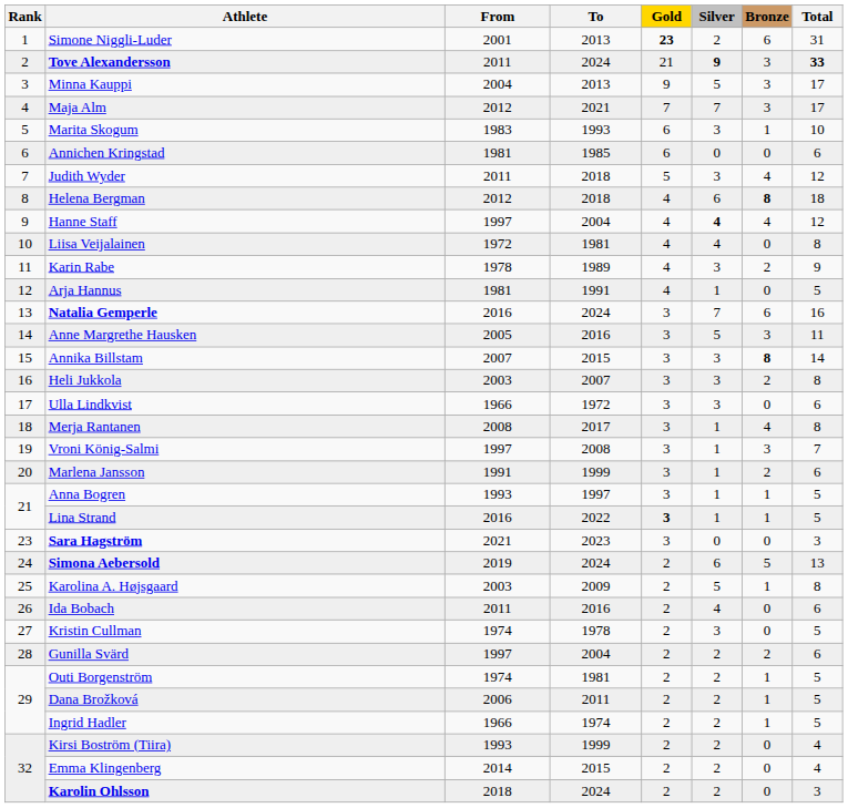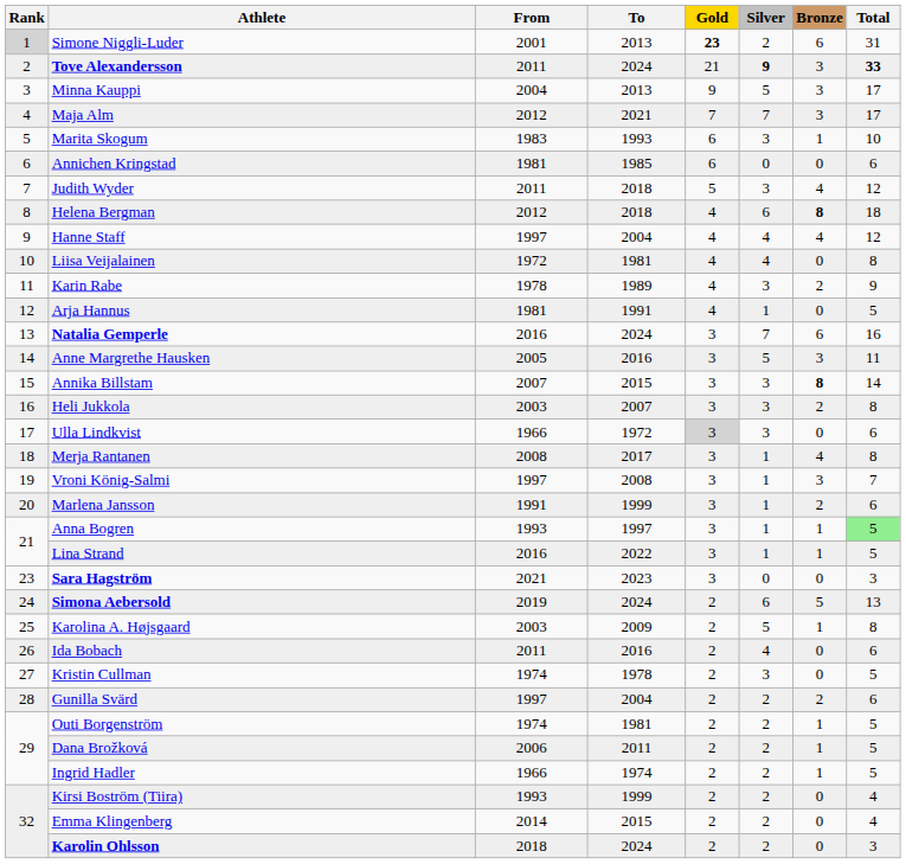 <table class="wikitable" style="text-align:center">
 <tr>
 <th style="width:1em">Rank</th>
 <th>Athlete</th>
 <th>From</th>
 <th>To</th>
 <th style="width:6%; background: gold">Gold</th>
 <th style="width:6%; background: silver">Silver</th>
 <th style="width:6%; background: #c96">Bronze</th>
 <th style="width:6%">Total</th>
 </tr>
 <tr>
-<td>1</td>
+<td style="background: lightgrey;">1</td>
 <td align=left> <a href='#'>Simone Niggli-Luder</a></td>
 <td>2001</td>
 <td>2013</td>
 <td><strong>23</strong></td>
 <td>2</td>
 <td>6</td>
 <td>31</td>
 </tr>
 <tr bgcolor=efefef>
 <td>2</td>
 <td align=left> <strong><a href='#'>Tove Alexandersson</a></strong></td>
 <td>2011</td>
 <td>2024</td>
 <td>21</td>
 <td><strong>9</strong></td>
 <td>3</td>
 <td><strong>33</strong></td>
 </tr>
 <tr>
 <td>3</td>
 <td align=left> <a href='#'>Minna Kauppi</a></td>
 <td>2004</td>
 <td>2013</td>
 <td>9</td>
 <td>5</td>
 <td>3</td>
 <td>17</td>
 </tr>
 <tr bgcolor=efefef>
 <td>4</td>
 <td align=left> <a href='#'>Maja Alm</a></td>
 <td>2012</td>
 <td>2021</td>
 <td>7</td>
 <td>7</td>
 <td>3</td>
 <td>17</td>
 </tr>
 <tr>
 <td>5</td>
 <td align=left> <a href='#'>Marita Skogum</a></td>
 <td>1983</td>
 <td>1993</td>
 <td>6</td>
 <td>3</td>
 <td>1</td>
 <td>10</td>
 </tr>
 <tr bgcolor=efefef>
 <td>6</td>
 <td align=left> <a href='#'>Annichen Kringstad</a></td>
 <td>1981</td>
 <td>1985</td>
 <td>6</td>
 <td>0</td>
 <td>0</td>
 <td>6</td>
 </tr>
 <tr>
 <td>7</td>
 <td align=left> <a href='#'>Judith Wyder</a></td>
 <td>2011</td>
 <td>2018</td>
 <td>5</td>
 <td>3</td>
 <td>4</td>
 <td>12</td>
 </tr>
 <tr bgcolor=efefef>
 <td>8</td>
 <td align=left> <a href='#'>Helena Bergman</a></td>
 <td>2012</td>
 <td>2018</td>
 <td>4</td>
 <td>6</td>
 <td><strong>8</strong></td>
 <td>18</td>
 </tr>
 <tr>
 <td>9</td>
 <td align=left> <a href='#'>Hanne Staff</a></td>
 <td>1997</td>
 <td>2004</td>
 <td>4</td>
-<td><strong>4</strong></td>
+<td>4</td>
 <td>4</td>
 <td>12</td>
 </tr>
 <tr bgcolor=efefef>
 <td>10</td>
 <td align=left> <a href='#'>Liisa Veijalainen</a></td>
 <td>1972</td>
 <td>1981</td>
 <td>4</td>
 <td>4</td>
 <td>0</td>
 <td>8</td>
 </tr>
 <tr>
 <td>11</td>
 <td align=left> <a href='#'>Karin Rabe</a></td>
 <td>1978</td>
 <td>1989</td>
 <td>4</td>
 <td>3</td>
 <td>2</td>
 <td>9</td>
 </tr>
 <tr bgcolor=efefef>
 <td>12</td>
 <td align=left> <a href='#'>Arja Hannus</a></td>
 <td>1981</td>
 <td>1991</td>
 <td>4</td>
 <td>1</td>
 <td>0</td>
 <td>5</td>
 </tr>
 <tr>
 <td>13</td>
 <td align=left> <strong><a href='#'>Natalia Gemperle</a></strong></td>
 <td>2016</td>
 <td>2024</td>
 <td>3</td>
 <td>7</td>
 <td>6</td>
 <td>16</td>
 </tr>
 <tr bgcolor=efefef>
 <td>14</td>
 <td align=left> <a href='#'>Anne Margrethe Hausken</a></td>
 <td>2005</td>
 <td>2016</td>
 <td>3</td>
 <td>5</td>
 <td>3</td>
 <td>11</td>
 </tr>
 <tr>
 <td>15</td>
 <td align=left> <a href='#'>Annika Billstam</a></td>
 <td>2007</td>
 <td>2015</td>
 <td>3</td>
 <td>3</td>
 <td><strong>8</strong></td>
 <td>14</td>
 </tr>
 <tr bgcolor=efefef>
 <td>16</td>
 <td align=left> <a href='#'>Heli Jukkola</a></td>
 <td>2003</td>
 <td>2007</td>
 <td>3</td>
 <td>3</td>
 <td>2</td>
 <td>8</td>
 </tr>
 <tr>
 <td>17</td>
 <td align=left> <a href='#'>Ulla Lindkvist</a></td>
 <td>1966</td>
 <td>1972</td>
-<td>3</td>
+<td style="background: lightgrey;">3</td>
 <td>3</td>
 <td>0</td>
 <td>6</td>
 </tr>
 <tr bgcolor=efefef>
 <td>18</td>
 <td align=left> <a href='#'>Merja Rantanen</a></td>
 <td>2008</td>
 <td>2017</td>
 <td>3</td>
 <td>1</td>
 <td>4</td>
 <td>8</td>
 </tr>
 <tr>
 <td>19</td>
 <td align=left> <a href='#'>Vroni König-Salmi</a></td>
 <td>1997</td>
 <td>2008</td>
 <td>3</td>
 <td>1</td>
 <td>3</td>
 <td>7</td>
 </tr>
 <tr bgcolor=efefef>
 <td>20</td>
 <td align=left> <a href='#'>Marlena Jansson</a></td>
 <td>1991</td>
 <td>1999</td>
 <td>3</td>
 <td>1</td>
 <td>2</td>
 <td>6</td>
 </tr>
 <tr>
 <td rowspan=2>21</td>
 <td align=left> <a href='#'>Anna Bogren</a></td>
 <td>1993</td>
 <td>1997</td>
 <td>3</td>
 <td>1</td>
 <td>1</td>
-<td>5</td>
+<td style="background: lightgreen;">5</td>
 </tr>
 <tr bgcolor=efefef>
 <td align=left> <a href='#'>Lina Strand</a></td>
 <td>2016</td>
 <td>2022</td>
-<td><strong>3</strong></td>
+<td>3</td>
 <td>1</td>
 <td>1</td>
 <td>5</td>
 </tr>
 <tr>
 <td>23</td>
 <td align=left> <strong><a href='#'>Sara Hagström</a></strong></td>
 <td>2021</td>
 <td>2023</td>
 <td>3</td>
 <td>0</td>
 <td>0</td>
 <td>3</td>
 </tr>
 <tr bgcolor=efefef>
 <td>24</td>
 <td align=left> <strong><a href='#'>Simona Aebersold</a></strong></td>
 <td>2019</td>
 <td>2024</td>
 <td>2</td>
 <td>6</td>
 <td>5</td>
 <td>13</td>
 </tr>
 <tr>
 <td>25</td>
 <td align=left> <a href='#'>Karolina A. Højsgaard</a></td>
 <td>2003</td>
 <td>2009</td>
 <td>2</td>
 <td>5</td>
 <td>1</td>
 <td>8</td>
 </tr>
 <tr bgcolor=efefef>
 <td>26</td>
 <td align=left> <a href='#'>Ida Bobach</a></td>
 <td>2011</td>
 <td>2016</td>
 <td>2</td>
 <td>4</td>
 <td>0</td>
 <td>6</td>
 </tr>
 <tr>
 <td>27</td>
 <td align=left> <a href='#'>Kristin Cullman</a></td>
 <td>1974</td>
 <td>1978</td>
 <td>2</td>
 <td>3</td>
 <td>0</td>
 <td>5</td>
 </tr>
 <tr bgcolor=efefef>
 <td>28</td>
 <td align=left> <a href='#'>Gunilla Svärd</a></td>
 <td>1997</td>
 <td>2004</td>
 <td>2</td>
 <td>2</td>
 <td>2</td>
 <td>6</td>
 </tr>
 <tr>
 <td rowspan=3>29</td>
 <td align=left> <a href='#'>Outi Borgenström</a></td>
 <td>1974</td>
 <td>1981</td>
 <td>2</td>
 <td>2</td>
 <td>1</td>
 <td>5</td>
 </tr>
 <tr bgcolor=efefef>
 <td align=left> <a href='#'>Dana Brožková</a></td>
 <td>2006</td>
 <td>2011</td>
 <td>2</td>
 <td>2</td>
 <td>1</td>
 <td>5</td>
 </tr>
 <tr>
 <td align=left> <a href='#'>Ingrid Hadler</a></td>
 <td>1966</td>
 <td>1974</td>
 <td>2</td>
 <td>2</td>
 <td>1</td>
 <td>5</td>
 </tr>
 <tr bgcolor=efefef>
 <td rowspan=3>32</td>
 <td align=left> <a href='#'>Kirsi Boström (Tiira)</a></td>
 <td>1993</td>
 <td>1999</td>
 <td>2</td>
 <td>2</td>
 <td>0</td>
 <td>4</td>
 </tr>
 <tr>
 <td align=left> <a href='#'>Emma Klingenberg</a></td>
 <td>2014</td>
 <td>2015</td>
 <td>2</td>
 <td>2</td>
 <td>0</td>
 <td>4</td>
 </tr>
 <tr bgcolor=efefef>
 <td align=left><strong> <a href='#'>Karolin Ohlsson</a></strong></td>
 <td>2018</td>
 <td>2024</td>
 <td>2</td>
 <td>2</td>
 <td>0</td>
 <td>3</td>
 </tr>
 </table>
